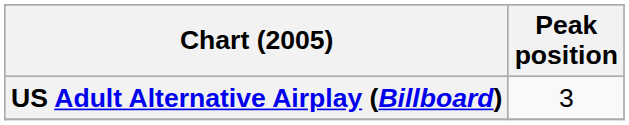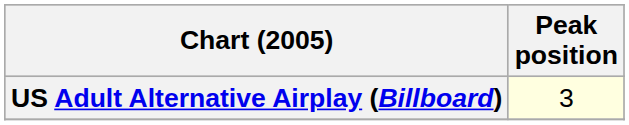 <table class="wikitable sortable plainrowheaders" style="text-align:center;">
 <tr>
 <th scope="col">Chart (2005)</th>
 <th scope="col">Peak<br>position</th>
 </tr>
 <tr>
 <th scope="row">US <a href='#'>Adult Alternative Airplay</a> (<em><a href='#'>Billboard</a></em>)</th>
-<td>3</td>
+<td style="background: lightyellow;">3</td>
 </tr>
 <tr>
 </tr>
 <tr>
 </tr>
 </table>
